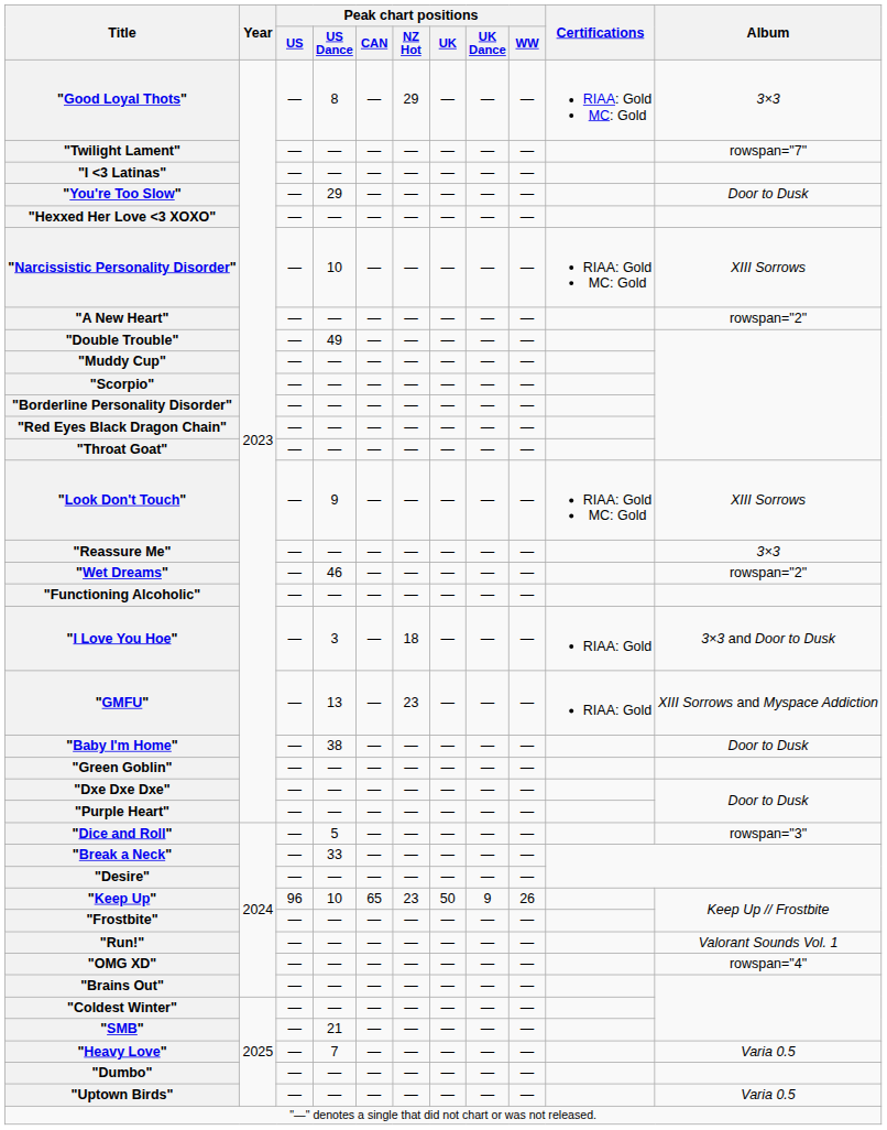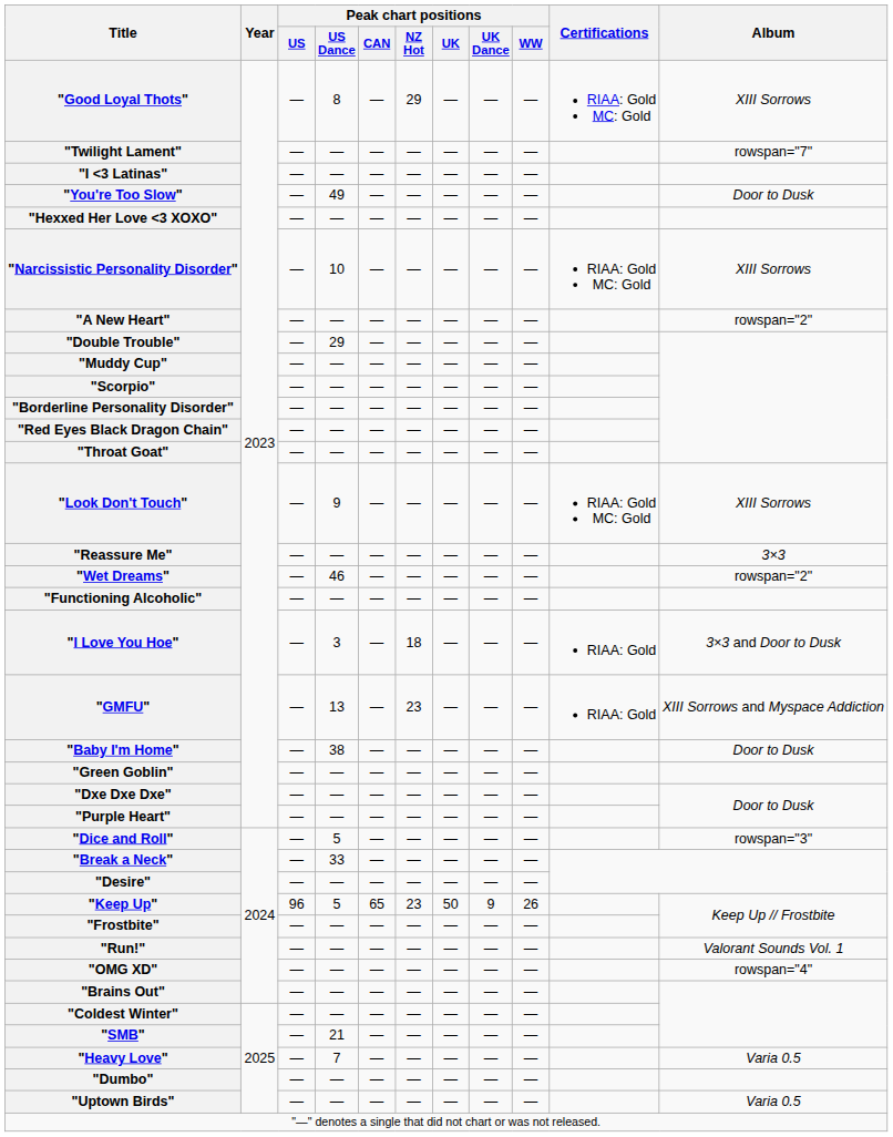 <table class="wikitable plainrowheaders" style="text-align:center;">
 <tr>
 <th scope="col" rowspan="2">Title</th>
 <th scope="col" rowspan="2">Year</th>
 <th scope="col" colspan="7">Peak chart positions</th>
 <th scope="col" rowspan="2"><a href='#'>Certifications</a></th>
 <th scope="col" rowspan="2">Album</th>
 </tr>
 <tr>
 <th scope="col" style="width:2.5em;font-size:90%;"><a href='#'>US</a><br></th>
 <th scope="col" style="width:2.5em;font-size:90%;"><a href='#'>US<br>Dance</a><br></th>
 <th scope="col" style="width:2.5em;font-size:90%;"><a href='#'>CAN</a><br></th>
 <th scope="col" style="width:2.5em;font-size:90%;"><a href='#'>NZ<br>Hot</a><br></th>
 <th scope="col" style="width:2.5em;font-size:90%;"><a href='#'>UK</a><br></th>
 <th scope="col" style="width:2.5em;font-size:90%;"><a href='#'>UK<br>Dance</a><br></th>
 <th scope="col" style="width:2.5em;font-size:90%;"><a href='#'>WW</a><br></th>
 </tr>
 <tr>
 <th scope="row">"<a href='#'>Good Loyal Thots</a>"</th>
 <td rowspan="23">2023</td>
 <td>—</td>
 <td>8</td>
 <td>—</td>
 <td>29</td>
 <td>—</td>
 <td>—</td>
 <td>—</td>
 <td><br><ul><li><a href='#'>RIAA</a>: Gold</li><li><a href='#'>MC</a>: Gold</li></ul></td>
-<td><em>3×3</em></td>
+<td><em>XIII Sorrows</em></td>
 </tr>
 <tr>
 <th scope="row">"Twilight Lament"</th>
 <td>—</td>
 <td>—</td>
 <td>—</td>
 <td>—</td>
 <td>—</td>
 <td>—</td>
 <td>—</td>
 <td></td>
 <td>rowspan="7" </td>
 </tr>
 <tr>
 <th scope="row">"I <3 Latinas"</th>
 <td>—</td>
 <td>—</td>
 <td>—</td>
 <td>—</td>
 <td>—</td>
 <td>—</td>
 <td>—</td>
 <td></td>
 </tr>
 <tr>
 <th scope="row">"<a href='#'>You're Too Slow</a>"</th>
 <td>—</td>
-<td>29</td>
+<td>49</td>
 <td>—</td>
 <td>—</td>
 <td>—</td>
 <td>—</td>
 <td>—</td>
 <td></td>
 <td><em>Door to Dusk</em></td>
 </tr>
 <tr>
 <th scope="row">"Hexxed Her Love <3 XOXO"</th>
 <td>—</td>
 <td>—</td>
 <td>—</td>
 <td>—</td>
 <td>—</td>
 <td>—</td>
 <td>—</td>
 <td></td>
 <td></td>
 </tr>
 <tr>
 <th scope="row">"<a href='#'>Narcissistic Personality Disorder</a>"</th>
 <td>—</td>
 <td>10</td>
 <td>—</td>
 <td>—</td>
 <td>—</td>
 <td>—</td>
 <td>—</td>
 <td><br><ul><li>RIAA: Gold</li><li>MC: Gold</li></ul></td>
 <td><em>XIII Sorrows</em></td>
 </tr>
 <tr>
 <th scope="row">"A New Heart"</th>
 <td>—</td>
 <td>—</td>
 <td>—</td>
 <td>—</td>
 <td>—</td>
 <td>—</td>
 <td>—</td>
 <td></td>
 <td>rowspan="2" </td>
 </tr>
 <tr>
 <th scope="row">"Double Trouble"</th>
 <td>—</td>
-<td>49</td>
+<td>29</td>
 <td>—</td>
 <td>—</td>
 <td>—</td>
 <td>—</td>
 <td>—</td>
 <td></td>
 </tr>
 <tr>
 <th scope="row">"Muddy Cup"</th>
 <td>—</td>
 <td>—</td>
 <td>—</td>
 <td>—</td>
 <td>—</td>
 <td>—</td>
 <td>—</td>
 <td></td>
 </tr>
 <tr>
 <th scope="row">"Scorpio"<br></th>
 <td>—</td>
 <td>—</td>
 <td>—</td>
 <td>—</td>
 <td>—</td>
 <td>—</td>
 <td>—</td>
 <td></td>
 </tr>
 <tr>
 <th scope="row">"Borderline Personality Disorder"</th>
 <td>—</td>
 <td>—</td>
 <td>—</td>
 <td>—</td>
 <td>—</td>
 <td>—</td>
 <td>—</td>
 <td></td>
 </tr>
 <tr>
 <th scope="row">"Red Eyes Black Dragon Chain"</th>
 <td>—</td>
 <td>—</td>
 <td>—</td>
 <td>—</td>
 <td>—</td>
 <td>—</td>
 <td>—</td>
 <td></td>
 </tr>
 <tr>
 <th scope="row">"Throat Goat"</th>
 <td>—</td>
 <td>—</td>
 <td>—</td>
 <td>—</td>
 <td>—</td>
 <td>—</td>
 <td>—</td>
 <td></td>
 </tr>
 <tr>
 <th scope="row">"<a href='#'>Look Don't Touch</a>"<br></th>
 <td>—</td>
 <td>9</td>
 <td>—</td>
 <td>—</td>
 <td>—</td>
 <td>—</td>
 <td>—</td>
 <td><br><ul><li>RIAA: Gold</li><li>MC: Gold</li></ul></td>
 <td><em>XIII Sorrows</em></td>
 </tr>
 <tr>
 <th scope="row">"Reassure Me"<br></th>
 <td>—</td>
 <td>—</td>
 <td>—</td>
 <td>—</td>
 <td>—</td>
 <td>—</td>
 <td>—</td>
 <td></td>
 <td><em>3×3</em></td>
 </tr>
 <tr>
 <th scope="row">"<a href='#'>Wet Dreams</a>"<br></th>
 <td>—</td>
 <td>46</td>
 <td>—</td>
 <td>—</td>
 <td>—</td>
 <td>—</td>
 <td>—</td>
 <td></td>
 <td>rowspan="2" </td>
 </tr>
 <tr>
 <th scope="row">"Functioning Alcoholic"</th>
 <td>—</td>
 <td>—</td>
 <td>—</td>
 <td>—</td>
 <td>—</td>
 <td>—</td>
 <td>—</td>
 <td></td>
 </tr>
 <tr>
 <th scope="row">"<a href='#'>I Love You Hoe</a>"<br></th>
 <td>—</td>
 <td>3</td>
 <td>—</td>
 <td>18</td>
 <td>—</td>
 <td>—</td>
 <td>—</td>
 <td><br><ul><li>RIAA: Gold</li></ul></td>
 <td><em>3×3</em> and <em>Door to Dusk</em></td>
 </tr>
 <tr>
 <th scope="row">"<a href='#'>GMFU</a>"<br></th>
 <td>—</td>
 <td>13</td>
 <td>—</td>
 <td>23</td>
 <td>—</td>
 <td>—</td>
 <td>—</td>
 <td><br><ul><li>RIAA: Gold</li></ul></td>
 <td><em>XIII Sorrows</em> and <em>Myspace Addiction</em></td>
 </tr>
 <tr>
 <th scope="row">"<a href='#'>Baby I'm Home</a>"<br></th>
 <td>—</td>
 <td>38</td>
 <td>—</td>
 <td>—</td>
 <td>—</td>
 <td>—</td>
 <td>—</td>
 <td></td>
 <td><em>Door to Dusk</em></td>
 </tr>
 <tr>
 <th scope="row">"Green Goblin"<br></th>
 <td>—</td>
 <td>—</td>
 <td>—</td>
 <td>—</td>
 <td>—</td>
 <td>—</td>
 <td>—</td>
 <td></td>
 <td></td>
 </tr>
 <tr>
 <th scope="row">"Dxe Dxe Dxe"<br></th>
 <td>—</td>
 <td>—</td>
 <td>—</td>
 <td>—</td>
 <td>—</td>
 <td>—</td>
 <td>—</td>
 <td></td>
 <td rowspan="2"><em>Door to Dusk</em></td>
 </tr>
 <tr>
 <th scope="row">"Purple Heart"<br></th>
 <td>—</td>
 <td>—</td>
 <td>—</td>
 <td>—</td>
 <td>—</td>
 <td>—</td>
 <td>—</td>
 <td></td>
 </tr>
 <tr>
 <th scope="row">"<a href='#'>Dice and Roll</a>"</th>
 <td rowspan="8">2024</td>
 <td>—</td>
 <td>5</td>
 <td>—</td>
 <td>—</td>
 <td>—</td>
 <td>—</td>
 <td>—</td>
 <td></td>
 <td>rowspan="3" </td>
 </tr>
 <tr>
 <th scope="row">"<a href='#'>Break a Neck</a>"<br></th>
 <td>—</td>
 <td>33</td>
 <td>—</td>
 <td>—</td>
 <td>—</td>
 <td>—</td>
 <td>—</td>
 </tr>
 <tr>
 <th scope="row">"Desire"</th>
 <td>—</td>
 <td>—</td>
 <td>—</td>
 <td>—</td>
 <td>—</td>
 <td>—</td>
 <td>—</td>
 </tr>
 <tr>
 <th scope="row">"<a href='#'>Keep Up</a>"</th>
 <td>96</td>
-<td>10</td>
+<td>5</td>
 <td>65</td>
 <td>23</td>
 <td>50</td>
 <td>9</td>
 <td>26</td>
 <td></td>
 <td rowspan="2"><em>Keep Up // Frostbite</em></td>
 </tr>
 <tr>
 <th scope="row">"Frostbite"<br></th>
 <td>—</td>
 <td>—</td>
 <td>—</td>
 <td>—</td>
 <td>—</td>
 <td>—</td>
 <td>—</td>
 <td></td>
 </tr>
 <tr>
 <th scope="row">"Run!"<br></th>
 <td>—</td>
 <td>—</td>
 <td>—</td>
 <td>—</td>
 <td>—</td>
 <td>—</td>
 <td>—</td>
 <td></td>
 <td><em>Valorant Sounds Vol. 1</em></td>
 </tr>
 <tr>
 <th scope="row">"OMG XD"</th>
 <td>—</td>
 <td>—</td>
 <td>—</td>
 <td>—</td>
 <td>—</td>
 <td>—</td>
 <td>—</td>
 <td></td>
 <td>rowspan="4" </td>
 </tr>
 <tr>
 <th scope="row">"Brains Out"<br></th>
 <td>—</td>
 <td>—</td>
 <td>—</td>
 <td>—</td>
 <td>—</td>
 <td>—</td>
 <td>—</td>
 <td></td>
 </tr>
 <tr>
 <th scope="row">"Coldest Winter"</th>
 <td rowspan="5">2025</td>
 <td>—</td>
 <td>—</td>
 <td>—</td>
 <td>—</td>
 <td>—</td>
 <td>—</td>
 <td>—</td>
 <td></td>
 </tr>
 <tr>
 <th scope="row">"<a href='#'>SMB</a>" <br></th>
 <td>—</td>
 <td>21</td>
 <td>—</td>
 <td>—</td>
 <td>—</td>
 <td>—</td>
 <td>—</td>
 <td></td>
 </tr>
 <tr>
 <th scope="row">"<a href='#'>Heavy Love</a>"</th>
 <td>—</td>
 <td>7</td>
 <td>—</td>
 <td>—</td>
 <td>—</td>
 <td>—</td>
 <td>—</td>
 <td></td>
 <td><em>Varia 0.5</em></td>
 </tr>
 <tr>
 <th scope="row">"Dumbo"</th>
 <td>—</td>
 <td>—</td>
 <td>—</td>
 <td>—</td>
 <td>—</td>
 <td>—</td>
 <td>—</td>
 <td></td>
 <td></td>
 </tr>
 <tr>
 <th scope="row">"Uptown Birds"</th>
 <td>—</td>
 <td>—</td>
 <td>—</td>
 <td>—</td>
 <td>—</td>
 <td>—</td>
 <td>—</td>
 <td></td>
 <td><em>Varia 0.5</em></td>
 </tr>
 <tr>
 <td colspan="11" style="font-size:85%;">"—" denotes a single that did not chart or was not released.</td>
 </tr>
 </table>
